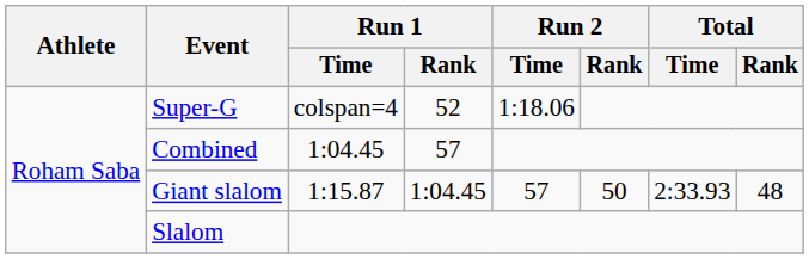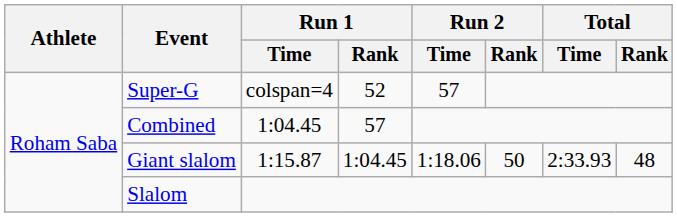 <table class="wikitable" style="font-size:90%">
 <tr>
 <th rowspan=2>Athlete</th>
 <th rowspan=2>Event</th>
 <th colspan=2>Run 1</th>
 <th colspan=2>Run 2</th>
 <th colspan=2>Total</th>
 </tr>
 <tr style="font-size:95%">
 <th>Time</th>
 <th>Rank</th>
 <th>Time</th>
 <th>Rank</th>
 <th>Time</th>
 <th>Rank</th>
 </tr>
 <tr align=center>
 <td align="left" rowspan="4"><a href='#'>Roham Saba</a></td>
 <td align="left"><a href='#'>Super-G</a></td>
 <td>colspan=4</td>
 <td>52</td>
-<td>1:18.06</td>
+<td>57</td>
 </tr>
 <tr align=center>
 <td align="left"><a href='#'>Combined</a></td>
 <td>1:04.45</td>
 <td>57</td>
 <td colspan=4></td>
 </tr>
 <tr align=center>
 <td align="left"><a href='#'>Giant slalom</a></td>
 <td>1:15.87</td>
 <td>1:04.45</td>
-<td>57</td>
+<td>1:18.06</td>
 <td>50</td>
 <td>2:33.93</td>
 <td>48</td>
 </tr>
 <tr align=center>
 <td align="left"><a href='#'>Slalom</a></td>
 <td colspan=6></td>
 </tr>
 </table>
